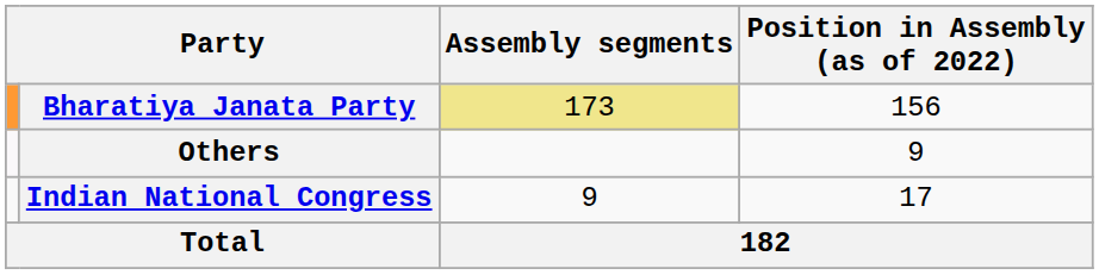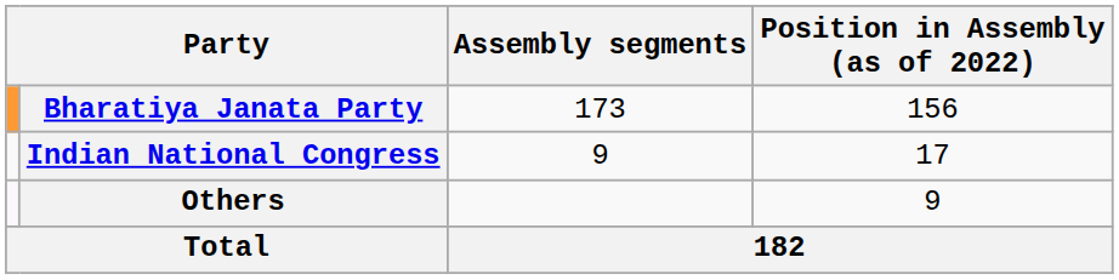 <table class="wikitable" style="text-align:center">
 <tr>
 <th colspan=2>Party</th>
 <th>Assembly segments</th>
 <th>Position in Assembly <br> (as of 2022)</th>
 </tr>
 <tr>
 <td bgcolor=#FF9933></td>
 <th><a href='#'>Bharatiya Janata Party</a></th>
-<td style="background: khaki;">173</td>
+<td>173</td>
 <td>156</td>
+</tr>
+<tr>
+<td></td>
+<th><a href='#'>Indian National Congress</a></th>
+<td>9</td>
+<td>17</td>
 </tr>
 <tr>
 <td bgcolor=#FAF8FA></td>
 <th>Others</th>
 <td></td>
 <td>9</td>
 </tr>
 <tr>
-<td></td>
-<th><a href='#'>Indian National Congress</a></th>
-<td>9</td>
-<td>17</td>
-</tr>
-<tr>
 <th colspan=2>Total</th>
 <th colspan=2>182</th>
 </tr>
 </table>
